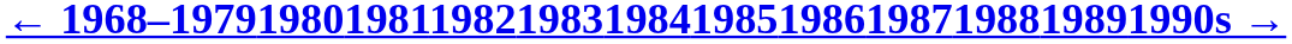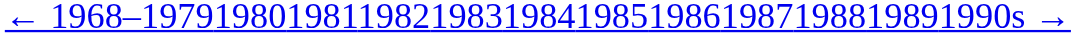 <table id="toc" class="toc" summary="Contents">
 <tr>
 <th></th>
 </tr>
 <tr>
-<td align="center"><strong><a href='#'>← 1968–1979</a><a href='#'>1980</a><a href='#'>1981</a><a href='#'>1982</a><a href='#'>1983</a><a href='#'>1984</a><a href='#'>1985</a><a href='#'>1986</a><a href='#'>1987</a><a href='#'>1988</a><a href='#'>1989</a><a href='#'>1990s →</a></strong></td>
+<td align="center"><a href='#'>← 1968–1979</a><a href='#'>1980</a><a href='#'>1981</a><a href='#'>1982</a><a href='#'>1983</a><a href='#'>1984</a><a href='#'>1985</a><a href='#'>1986</a><a href='#'>1987</a><a href='#'>1988</a><a href='#'>1989</a><a href='#'>1990s →</a></td>
 </tr>
 </table>
